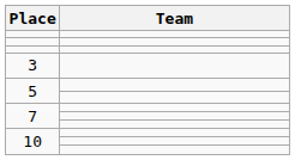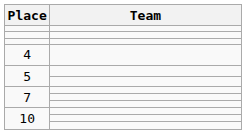 <table class="wikitable" style="text-align: center;">
 <tr>
 <th width=35>Place</th>
 <th width=185>Team</th>
 </tr>
 <tr>
 <td></td>
 <td style="text-align:left;"></td>
 </tr>
 <tr>
 <td></td>
 <td style="text-align:left;"></td>
 </tr>
 <tr>
 <td></td>
 <td style="text-align:left;"></td>
 </tr>
 <tr>
-<td>3</td>
+<td>4</td>
 <td style="text-align:left;"></td>
 </tr>
 <tr>
 <td rowspan=2>5</td>
 <td style="text-align:left;"></td>
 </tr>
 <tr>
 <td style="text-align:left;"></td>
 </tr>
 <tr>
 <td rowspan=3>7</td>
 <td style="text-align:left;"></td>
 </tr>
 <tr>
 <td style="text-align:left;"></td>
 </tr>
 <tr>
 <td style="text-align:left;"></td>
 </tr>
 <tr>
 <td rowspan=3>10</td>
 <td style="text-align:left;"></td>
 </tr>
 <tr>
 <td style="text-align:left;"></td>
 </tr>
 <tr>
 <td style="text-align:left;"></td>
 </tr>
 </table>
